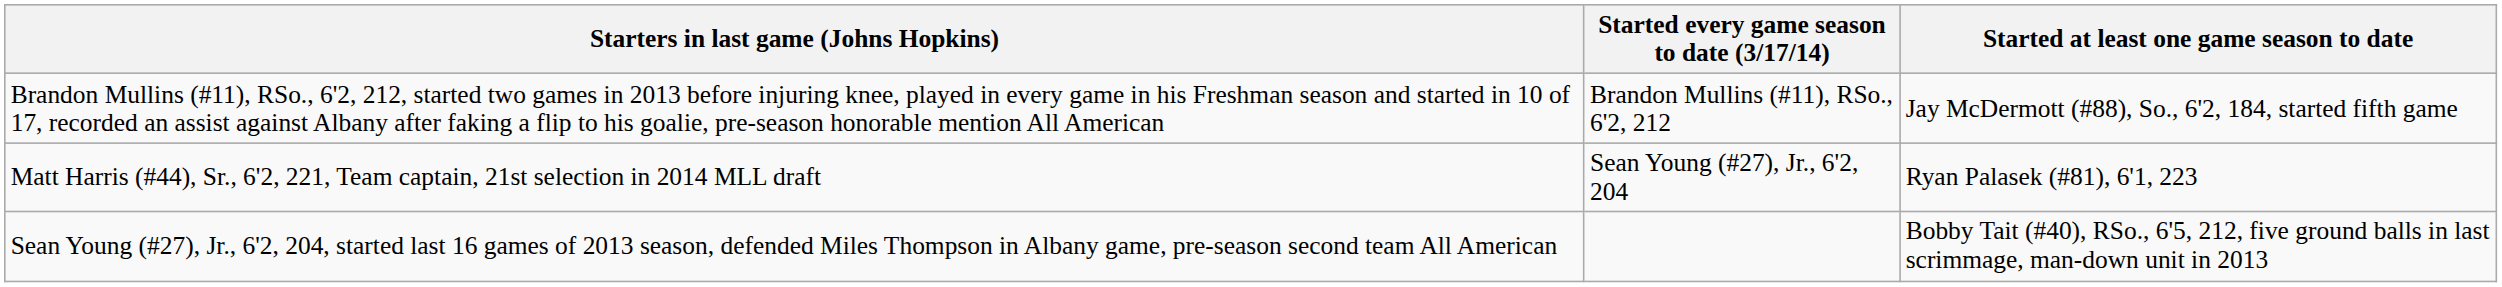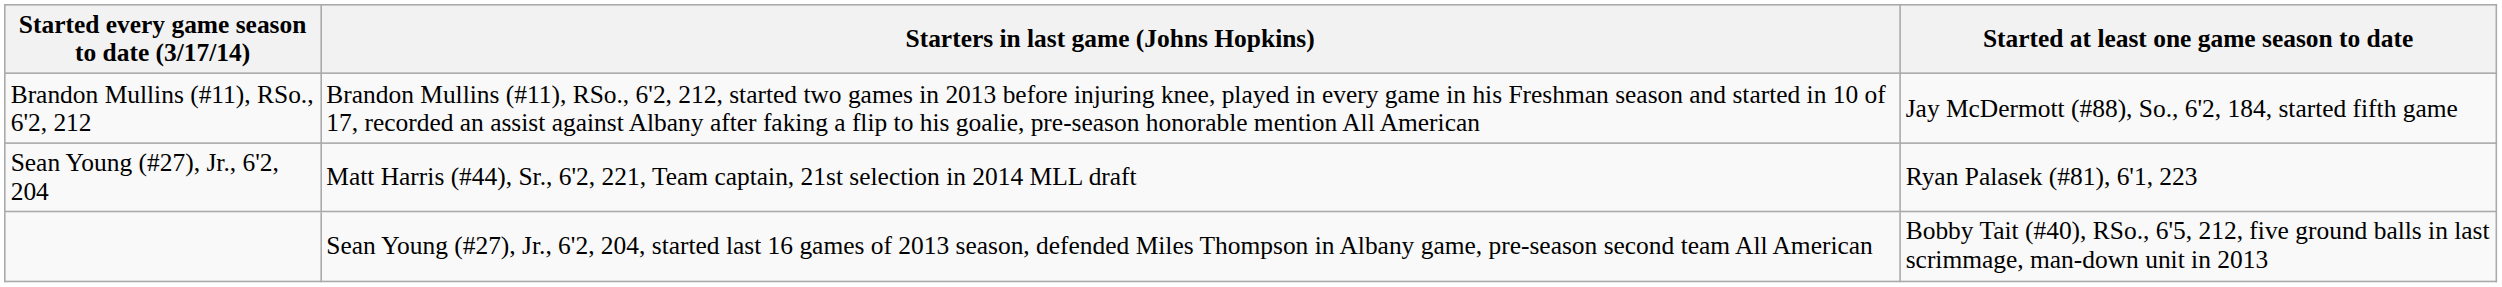 <table class="wikitable">
 <tr>
+<th>Started every game season to date (3/17/14)</th>
 <th>Starters in last game (Johns Hopkins)</th>
-<th>Started every game season to date (3/17/14)</th>
 <th>Started at least one game season to date</th>
 </tr>
 <tr>
+<td>Brandon Mullins (#11), RSo., 6'2, 212</td>
 <td>Brandon Mullins (#11), RSo., 6'2, 212, started two games in 2013 before injuring knee, played in every game in his Freshman season and started in 10 of 17, recorded an assist against Albany after faking a flip to his goalie, pre-season honorable mention All American</td>
-<td>Brandon Mullins (#11), RSo., 6'2, 212</td>
 <td>Jay McDermott (#88), So., 6'2, 184, started fifth game</td>
 </tr>
 <tr>
+<td>Sean Young (#27), Jr., 6'2, 204</td>
 <td>Matt Harris (#44), Sr., 6'2, 221, Team captain, 21st selection in 2014 MLL draft</td>
-<td>Sean Young (#27), Jr., 6'2, 204</td>
 <td>Ryan Palasek (#81), 6'1, 223</td>
 </tr>
 <tr>
+<td></td>
 <td>Sean Young (#27), Jr., 6'2, 204, started last 16 games of 2013 season, defended Miles Thompson in Albany game, pre-season second team All American</td>
-<td></td>
 <td>Bobby Tait (#40), RSo., 6'5, 212, five ground balls in last scrimmage, man-down unit in 2013</td>
 </tr>
 </table>
